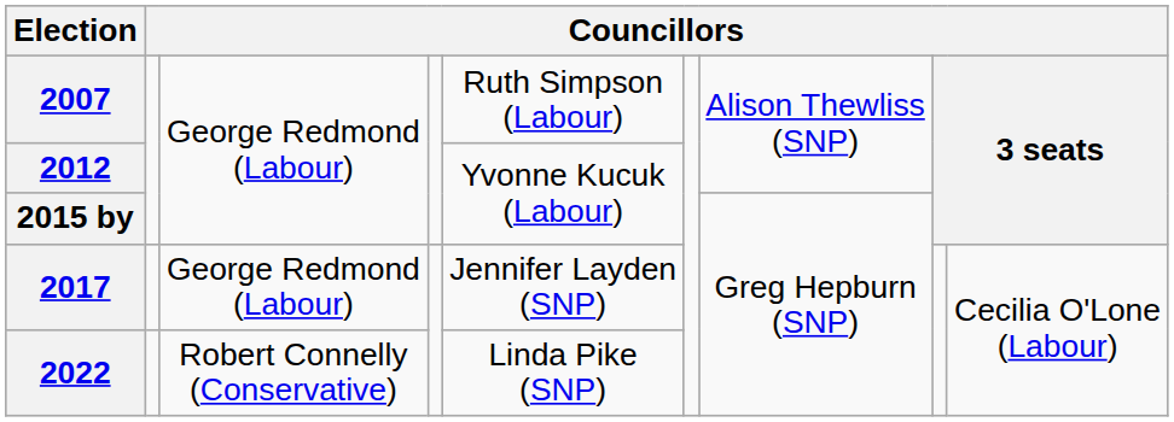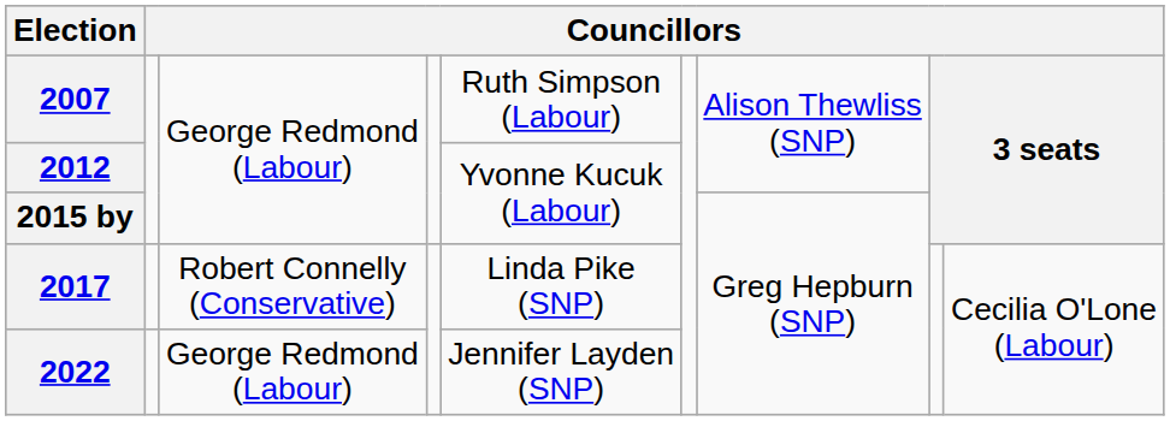 <table class="wikitable" style="text-align:center">
 <tr>
 <th>Election</th>
 <th colspan=8>Councillors</th>
 </tr>
 <tr>
 <th><a href='#'>2007</a></th>
 <td rowspan=3; style="background-color: "></td>
 <td rowspan=3>George Redmond<br>(<a href='#'>Labour</a>)</td>
 <td rowspan=3; style="background-color: "></td>
 <td rowspan=1>Ruth Simpson<br>(<a href='#'>Labour</a>)</td>
 <td rowspan=5; style="background-color: "></td>
 <td rowspan=2><a href='#'>Alison Thewliss</a><br>(<a href='#'>SNP</a>)</td>
 <th colspan=2; rowspan=3>3 seats</th>
 </tr>
 <tr>
 <th><a href='#'>2012</a></th>
 <td rowspan=2>Yvonne Kucuk<br>(<a href='#'>Labour</a>)</td>
 </tr>
 <tr>
 <th>2015 by</th>
 <td rowspan=3>Greg Hepburn<br>(<a href='#'>SNP</a>)</td>
 </tr>
 <tr>
 <th><a href='#'>2017</a></th>
 <td rowspan=1; style="background-color: "></td>
-<td rowspan=1>George Redmond<br>(<a href='#'>Labour</a>)</td>
+<td rowspan=1>Robert Connelly<br>(<a href='#'>Conservative</a>)</td>
 <td rowspan=2; style="background-color: "></td>
-<td rowspan=1>Jennifer Layden<br>(<a href='#'>SNP</a>)</td>
+<td rowspan=1>Linda Pike<br>(<a href='#'>SNP</a>)</td>
 <td rowspan=2; style="background-color: "></td>
 <td rowspan=2>Cecilia O'Lone<br>(<a href='#'>Labour</a>)</td>
 </tr>
 <tr>
 <th><a href='#'>2022</a></th>
 <td rowspan=1; style="background-color: "></td>
-<td rowspan=1>Robert Connelly<br>(<a href='#'>Conservative</a>)</td>
-<td rowspan=1>Linda Pike<br>(<a href='#'>SNP</a>)</td>
+<td rowspan=1>George Redmond<br>(<a href='#'>Labour</a>)</td>
+<td rowspan=1>Jennifer Layden<br>(<a href='#'>SNP</a>)</td>
 </tr>
 </table>
